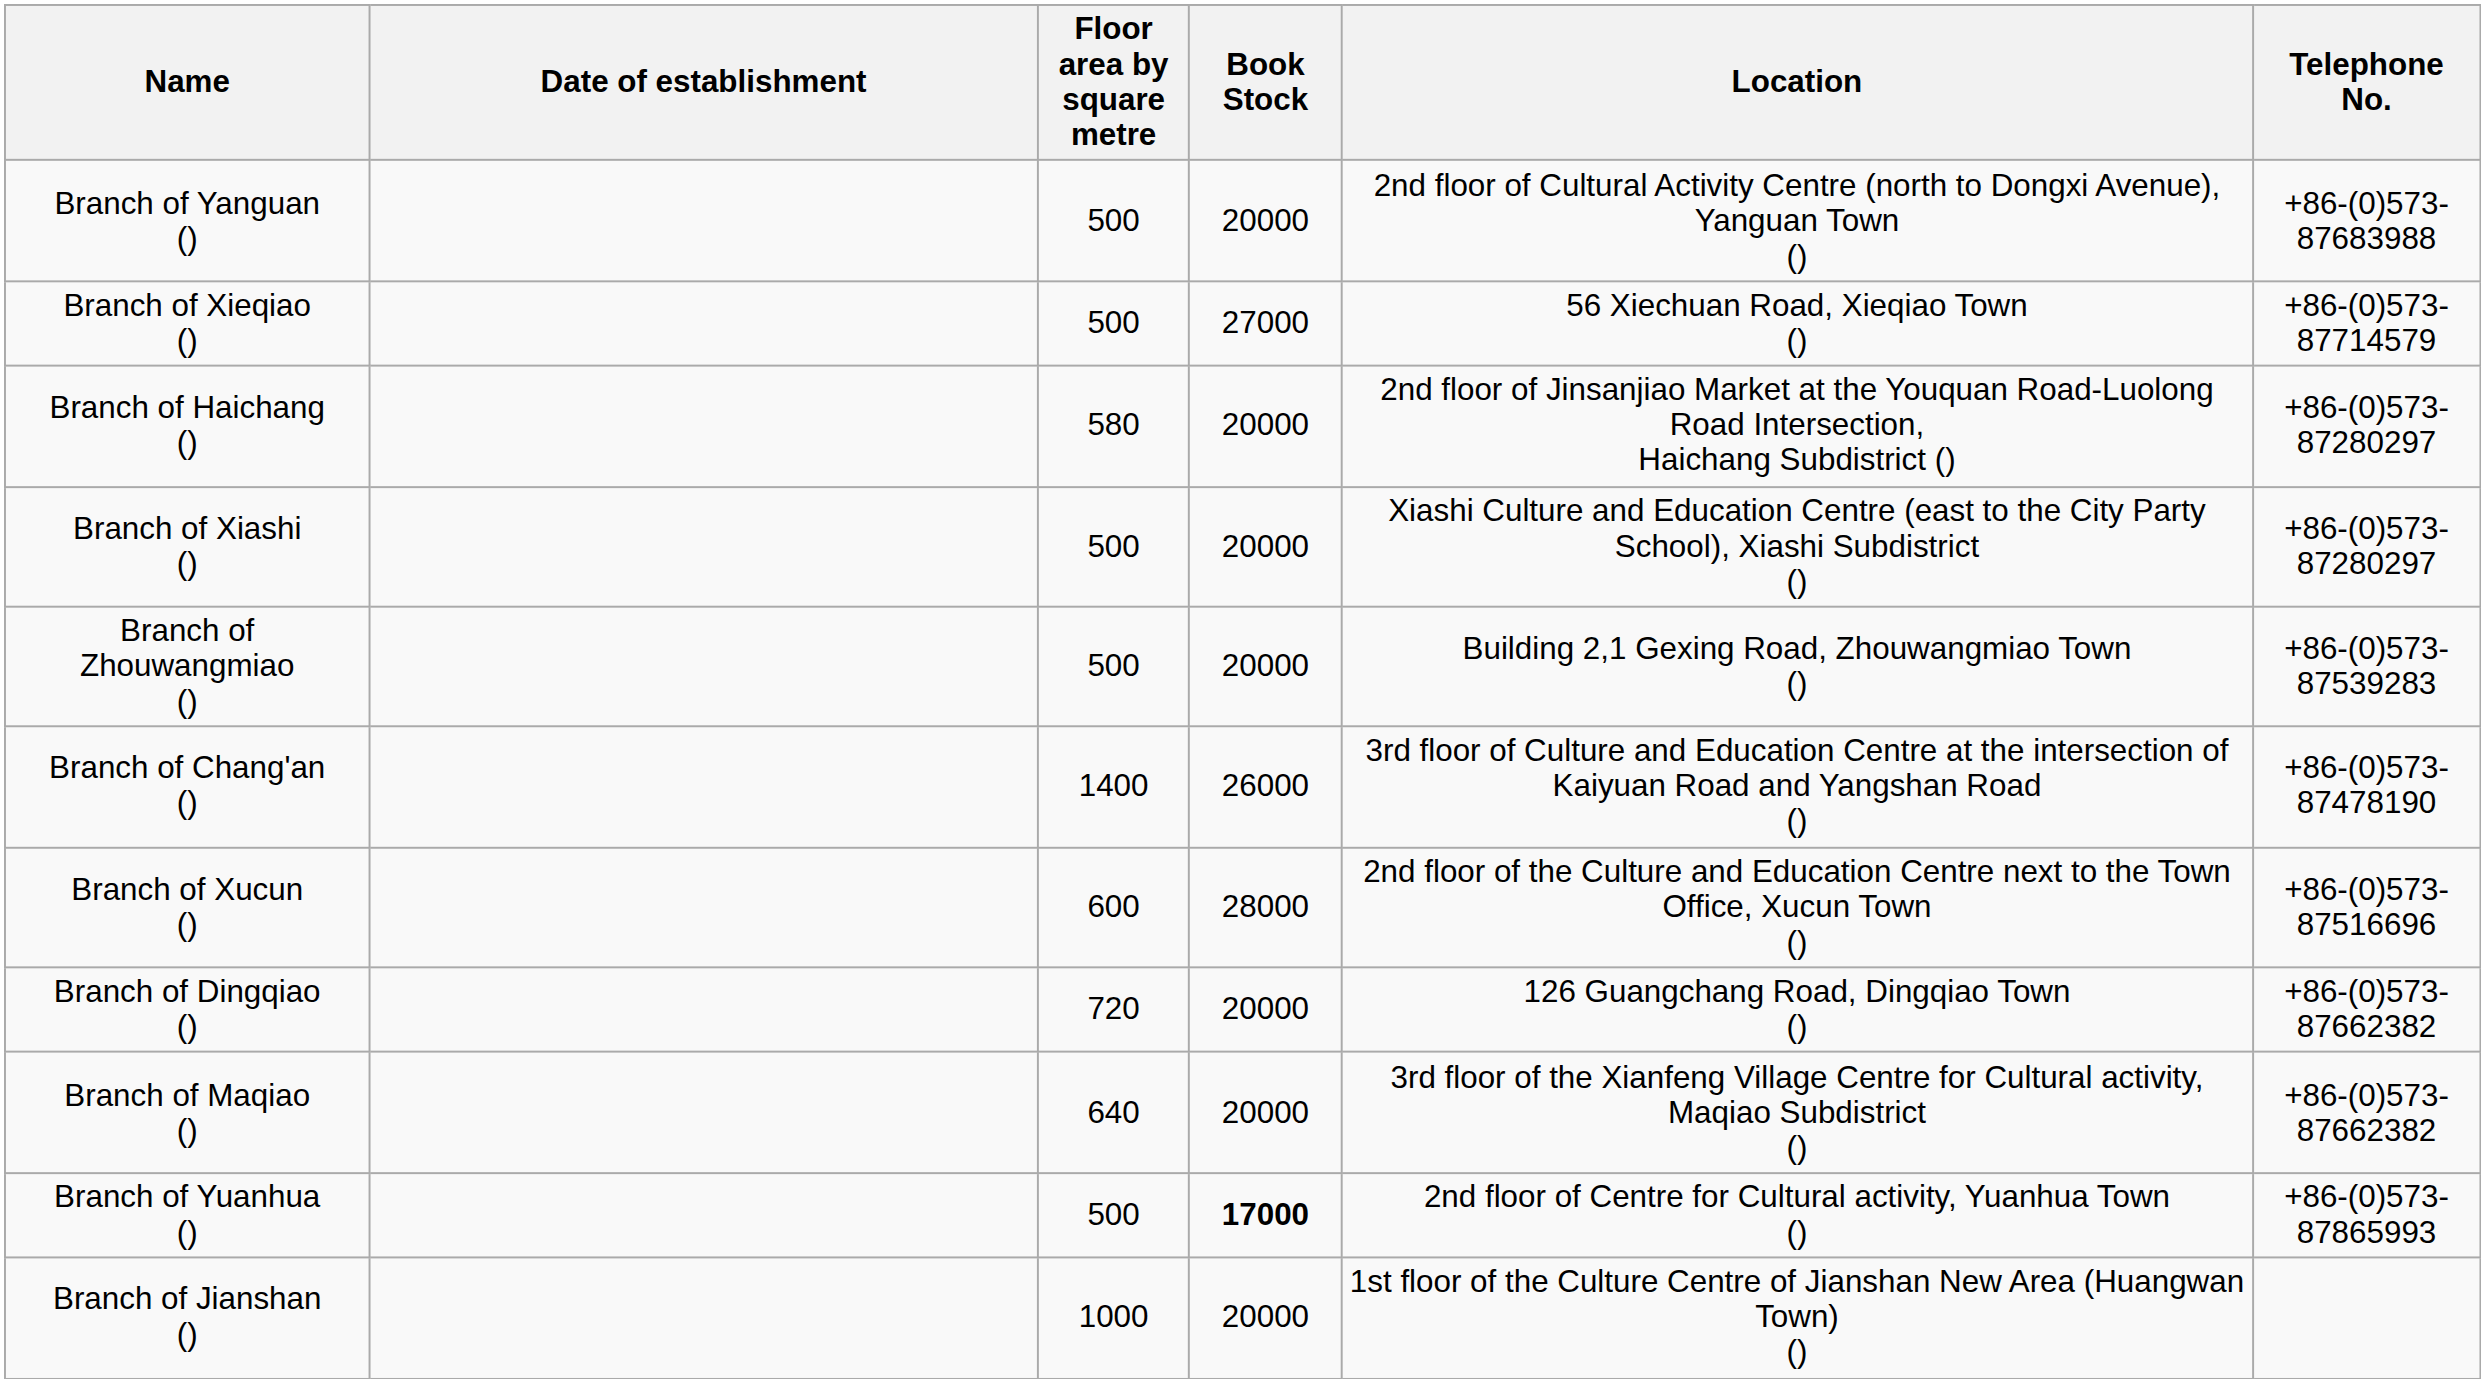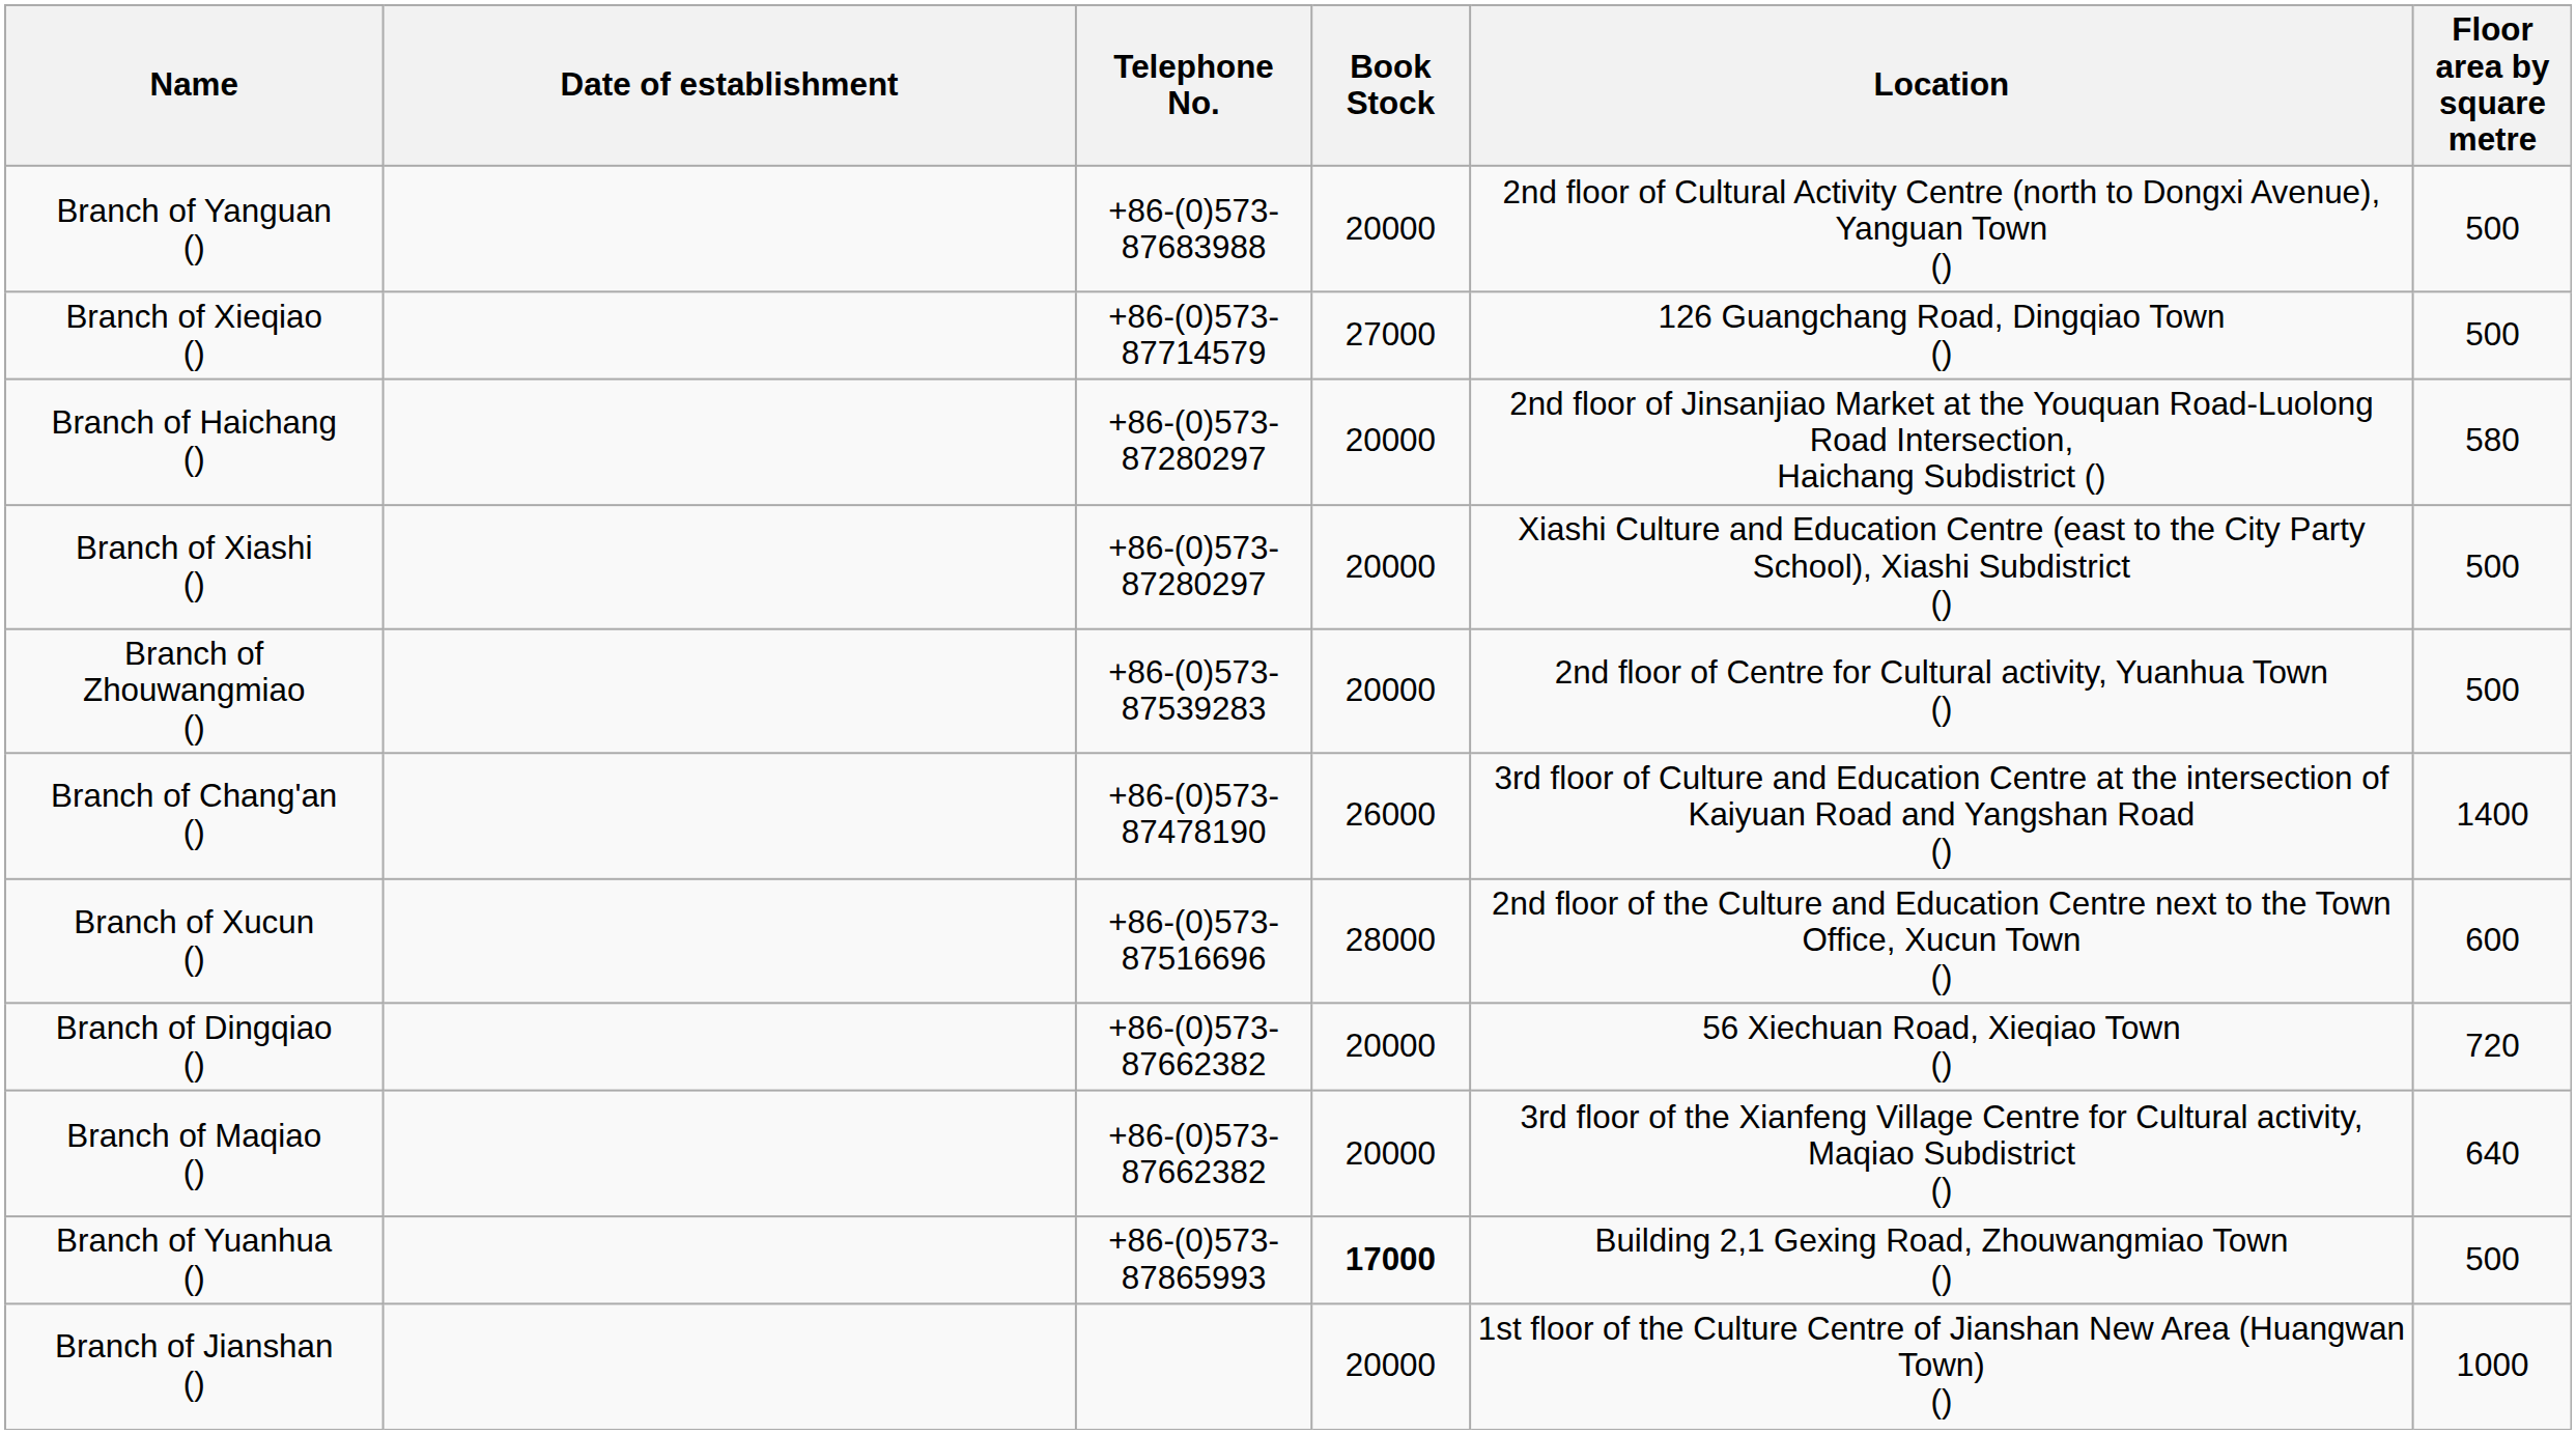 <table class="wikitable" style="margin: 1em auto 1em auto; text-align:center">
 <tr>
 <th scope="col" width="12%">Name</th>
 <th scope="col" width="22%">Date of establishment</th>
-<th scope="col" width="5%">Floor area by square metre</th>
+<th scope="col" width="7.5%">Telephone No.</th>
 <th scope="col" width="5%">Book Stock</th>
 <th scope="col" width="30%">Location</th>
-<th scope="col" width="7.5%">Telephone No.</th>
+<th scope="col" width="5%">Floor area by square metre</th>
 </tr>
 <tr>
 <td>Branch of Yanguan<br>()</td>
 <td></td>
-<td>500</td>
+<td>+86-(0)573-<br>87683988</td>
 <td>20000</td>
 <td>2nd floor of Cultural Activity Centre (north to Dongxi Avenue), Yanguan Town<br>()</td>
-<td>+86-(0)573-<br>87683988</td>
+<td>500</td>
 </tr>
 <tr>
 <td>Branch of Xieqiao<br>()</td>
 <td></td>
+<td>+86-(0)573-<br>87714579</td>
+<td>27000</td>
+<td>126 Guangchang Road, Dingqiao Town<br>()</td>
 <td>500</td>
-<td>27000</td>
-<td>56 Xiechuan Road, Xieqiao Town<br>()</td>
-<td>+86-(0)573-<br>87714579</td>
 </tr>
 <tr>
 <td>Branch of Haichang<br>()</td>
 <td></td>
-<td>580</td>
+<td>+86-(0)573-<br>87280297</td>
 <td>20000</td>
 <td>2nd floor of Jinsanjiao Market at the Youquan Road-Luolong Road Intersection,<br>Haichang Subdistrict ()</td>
-<td>+86-(0)573-<br>87280297</td>
+<td>580</td>
 </tr>
 <tr>
 <td>Branch of Xiashi<br>()</td>
 <td></td>
-<td>500</td>
+<td>+86-(0)573-<br>87280297</td>
 <td>20000</td>
 <td>Xiashi Culture and Education Centre (east to the City Party School), Xiashi Subdistrict<br>()</td>
-<td>+86-(0)573-<br>87280297</td>
+<td>500</td>
 </tr>
 <tr>
 <td>Branch of Zhouwangmiao<br>()</td>
 <td></td>
+<td>+86-(0)573-<br>87539283</td>
+<td>20000</td>
+<td>2nd floor of Centre for Cultural activity, Yuanhua Town<br>()</td>
 <td>500</td>
-<td>20000</td>
-<td>Building 2,1 Gexing Road, Zhouwangmiao Town<br>()</td>
-<td>+86-(0)573-<br>87539283</td>
 </tr>
 <tr>
 <td>Branch of Chang'an<br>()</td>
 <td></td>
-<td>1400</td>
+<td>+86-(0)573-<br>87478190</td>
 <td>26000</td>
 <td>3rd floor of Culture and Education Centre at the intersection of Kaiyuan Road and Yangshan Road<br>()</td>
-<td>+86-(0)573-<br>87478190</td>
+<td>1400</td>
 </tr>
 <tr>
 <td>Branch of Xucun<br>()</td>
 <td></td>
-<td>600</td>
+<td>+86-(0)573-<br>87516696</td>
 <td>28000</td>
 <td>2nd floor of the Culture and Education Centre next to the Town Office, Xucun Town<br>()</td>
-<td>+86-(0)573-<br>87516696</td>
+<td>600</td>
 </tr>
 <tr>
 <td>Branch of Dingqiao<br>()</td>
 <td></td>
+<td>+86-(0)573-<br>87662382</td>
+<td>20000</td>
+<td>56 Xiechuan Road, Xieqiao Town<br>()</td>
 <td>720</td>
-<td>20000</td>
-<td>126 Guangchang Road, Dingqiao Town<br>()</td>
-<td>+86-(0)573-<br>87662382</td>
 </tr>
 <tr>
 <td>Branch of Maqiao<br>()</td>
 <td></td>
-<td>640</td>
+<td>+86-(0)573-<br>87662382</td>
 <td>20000</td>
 <td>3rd floor of the Xianfeng Village Centre for Cultural activity, Maqiao Subdistrict<br>()</td>
-<td>+86-(0)573-<br>87662382</td>
+<td>640</td>
 </tr>
 <tr>
 <td>Branch of Yuanhua<br>()</td>
 <td></td>
+<td>+86-(0)573-<br>87865993</td>
+<td><strong>17000</strong></td>
+<td>Building 2,1 Gexing Road, Zhouwangmiao Town<br>()</td>
 <td>500</td>
-<td><strong>17000</strong></td>
-<td>2nd floor of Centre for Cultural activity, Yuanhua Town<br>()</td>
-<td>+86-(0)573-<br>87865993</td>
 </tr>
 <tr>
 <td>Branch of Jianshan<br>()</td>
 <td></td>
-<td>1000</td>
+<td></td>
 <td>20000</td>
 <td>1st floor of the Culture Centre of Jianshan New Area (Huangwan Town)<br>()</td>
-<td></td>
+<td>1000</td>
 </tr>
 </table>
